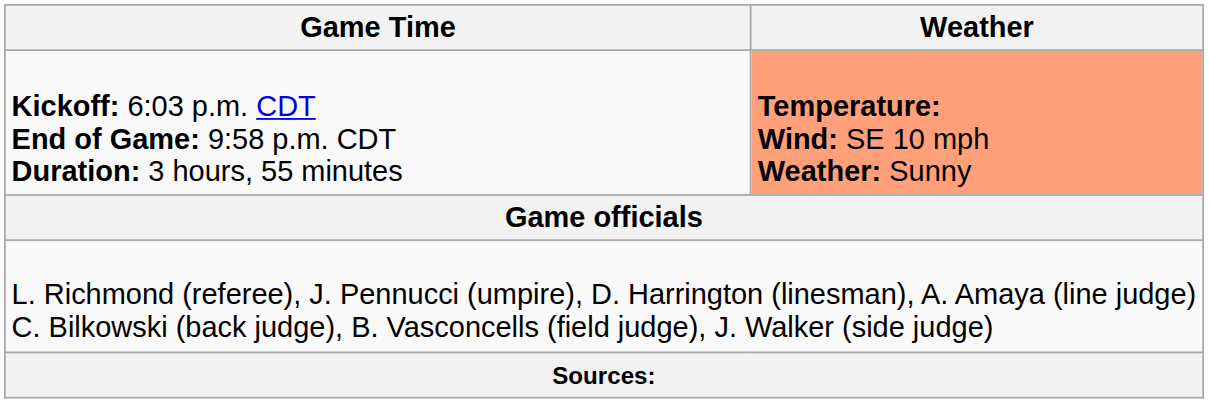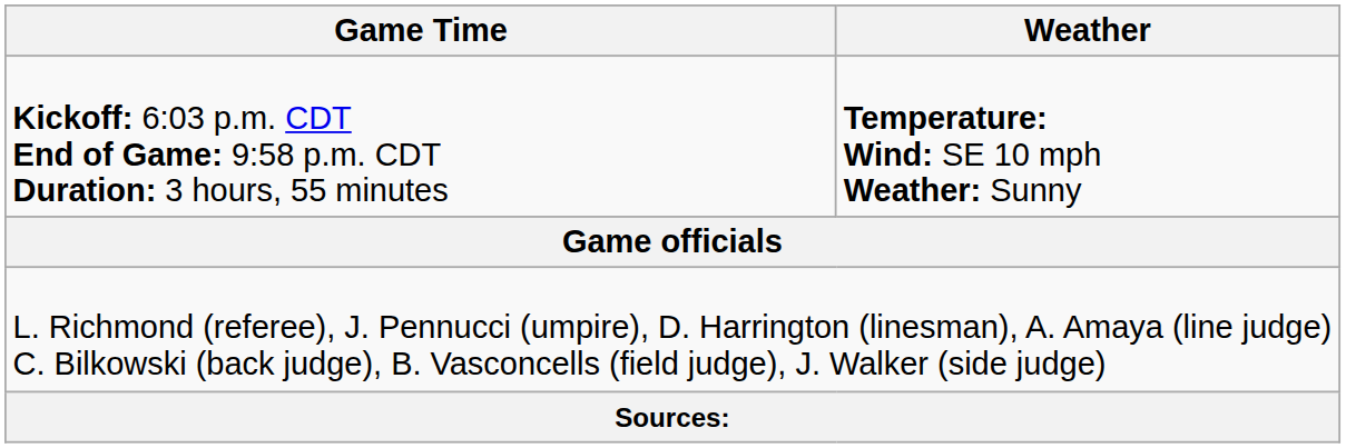 <table class="wikitable">
 <tr>
 <th>Game Time</th>
 <th>Weather</th>
 </tr>
 <tr>
 <td><br><strong>Kickoff:</strong> 6:03 p.m. <a href='#'>CDT</a><br> <strong>End of Game:</strong> 9:58 p.m. CDT<br> <strong>Duration:</strong> 3 hours, 55 minutes</td>
-<td style="background: lightsalmon;"><br><strong>Temperature:</strong> <br> <strong>Wind:</strong> SE 10 mph<br> <strong>Weather:</strong> Sunny</td>
+<td><br><strong>Temperature:</strong> <br> <strong>Wind:</strong> SE 10 mph<br> <strong>Weather:</strong> Sunny</td>
 </tr>
 <tr>
 <th colspan=2>Game officials</th>
 </tr>
 <tr>
 <td colspan=2><br>L. Richmond (referee), J. Pennucci (umpire), D. Harrington (linesman), A. Amaya (line judge)<br>C. Bilkowski (back judge), B. Vasconcells (field judge), J. Walker (side judge)</td>
 </tr>
 <tr>
 <th colspan=2><small>Sources:</small></th>
 </tr>
 </table>
